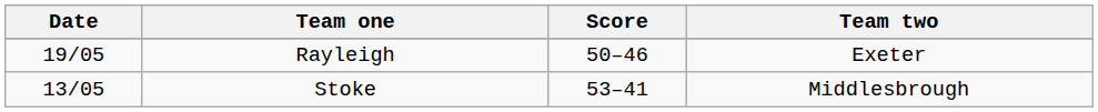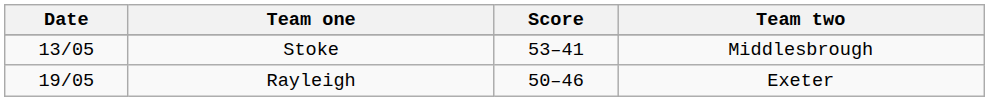 <table class="wikitable" style="text-align: center">
 <tr>
 <th width=80>Date</th>
 <th width=250>Team one</th>
 <th width=80>Score</th>
 <th width=250>Team two</th>
 </tr>
 <tr>
 </tr>
 <tr>
+<td>13/05</td>
+<td>Stoke</td>
+<td>53–41</td>
+<td>Middlesbrough</td>
+</tr>
+<tr>
 <td>19/05</td>
 <td>Rayleigh</td>
 <td>50–46</td>
 <td>Exeter</td>
 </tr>
-<tr>
-<td>13/05</td>
-<td>Stoke</td>
-<td>53–41</td>
-<td>Middlesbrough</td>
-</tr>
 </table>
